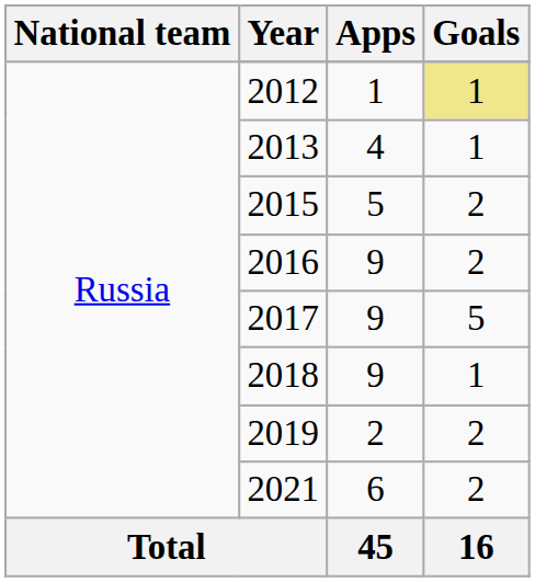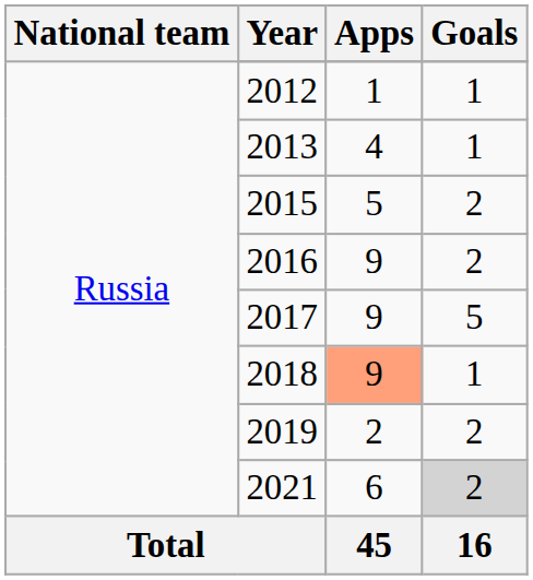 <table class="wikitable" style="text-align:center">
 <tr>
 <th>National team</th>
 <th>Year</th>
 <th>Apps</th>
 <th>Goals</th>
 </tr>
 <tr>
 <td rowspan=9 valign="center"><a href='#'>Russia</a></td>
 </tr>
 <tr>
 <td>2012</td>
 <td>1</td>
-<td style="background: khaki;">1</td>
+<td>1</td>
 </tr>
 <tr>
 <td>2013</td>
 <td>4</td>
 <td>1</td>
 </tr>
 <tr>
 <td>2015</td>
 <td>5</td>
 <td>2</td>
 </tr>
 <tr>
 <td>2016</td>
 <td>9</td>
 <td>2</td>
 </tr>
 <tr>
 <td>2017</td>
 <td>9</td>
 <td>5</td>
 </tr>
 <tr>
 <td>2018</td>
-<td>9</td>
+<td style="background: lightsalmon;">9</td>
 <td>1</td>
 </tr>
 <tr>
 <td>2019</td>
 <td>2</td>
 <td>2</td>
 </tr>
 <tr>
 <td>2021</td>
 <td>6</td>
-<td>2</td>
+<td style="background: lightgrey;">2</td>
 </tr>
 <tr>
 <th colspan=2>Total</th>
 <th>45</th>
 <th>16</th>
 </tr>
 </table>
